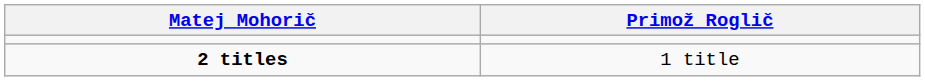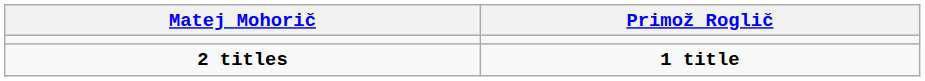 <table class="wikitable" style="text-align:center; width:50%; border:1px #AAAAFF solid">
 <tr>
 <th><a href='#'>Matej Mohorič</a></th>
 <th><a href='#'>Primož Roglič</a></th>
 </tr>
 <tr>
 <td width=50></td>
 <td width=50></td>
 </tr>
 <tr>
 <td><strong>2 titles</strong></td>
-<td>1 title</td>
+<td><strong>1 title</strong></td>
 </tr>
 </table>
